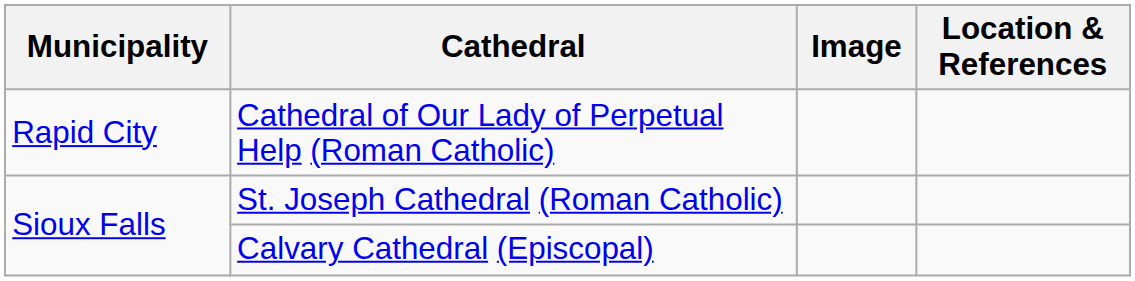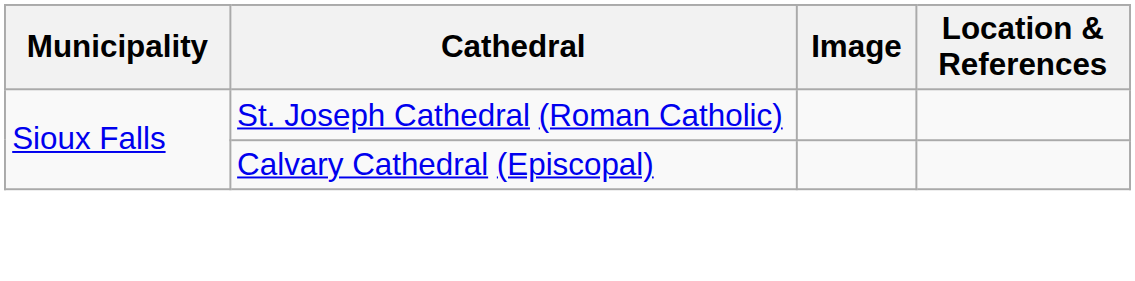 <table width=65% class="wikitable">
 <tr>
 <th width = 10%>Municipality</th>
 <th width = 40%>Cathedral</th>
 <th width = 5%>Image</th>
 <th width = 10%>Location & References</th>
-</tr>
-<tr>
-<td><a href='#'>Rapid City</a></td>
-<td><a href='#'>Cathedral of Our Lady of Perpetual Help</a> <a href='#'>(Roman Catholic)</a></td>
-<td></td>
-<td><small></small><br></td>
 </tr>
 <tr>
 <td rowspan=2><a href='#'>Sioux Falls</a></td>
 <td><a href='#'>St. Joseph Cathedral</a> <a href='#'>(Roman Catholic)</a></td>
 <td></td>
 <td><small></small><br></td>
 </tr>
 <tr>
 <td><a href='#'>Calvary Cathedral</a> <a href='#'>(Episcopal)</a></td>
 <td></td>
 <td><small></small><br></td>
 </tr>
 </table>
